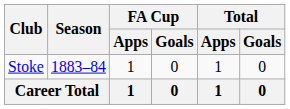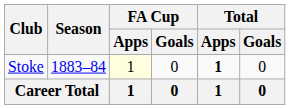 <table class="wikitable" style="text-align: center;">
 <tr>
 <th rowspan="2">Club</th>
 <th rowspan="2">Season</th>
 <th colspan="2">FA Cup</th>
 <th colspan="2">Total</th>
 </tr>
 <tr>
 <th>Apps</th>
 <th>Goals</th>
 <th>Apps</th>
 <th>Goals</th>
 </tr>
 <tr>
 <td><a href='#'>Stoke</a></td>
 <td><a href='#'>1883–84</a></td>
-<td>1</td>
+<td style="background: lightyellow;">1</td>
 <td>0</td>
-<td>1</td>
+<td><strong>1</strong></td>
 <td>0</td>
 </tr>
 <tr>
 <th colspan="2">Career Total</th>
 <th>1</th>
 <th>0</th>
 <th>1</th>
 <th>0</th>
 </tr>
 </table>
